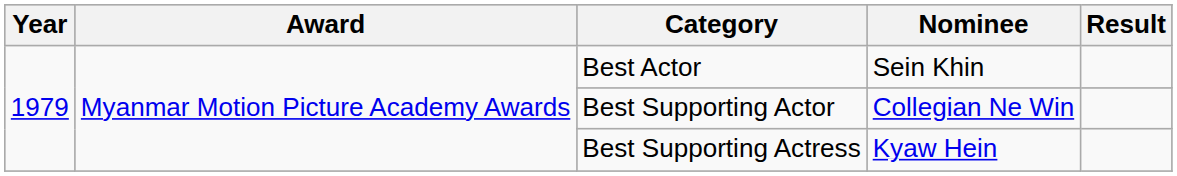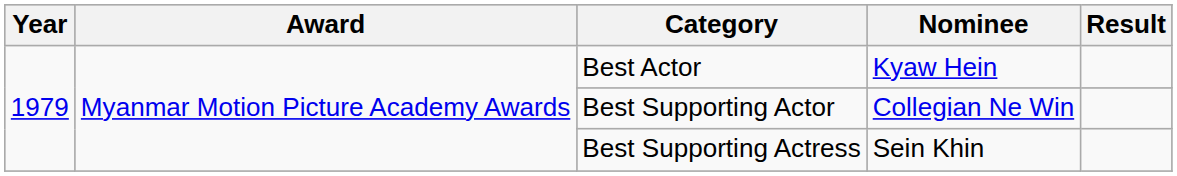 <table class="wikitable">
 <tr>
 <th>Year</th>
 <th>Award</th>
 <th>Category</th>
 <th>Nominee</th>
 <th>Result</th>
 </tr>
 <tr>
 <td scope="row" rowspan="3"><a href='#'>1979</a></td>
 <td scope="row" rowspan="3"><a href='#'>Myanmar Motion Picture Academy Awards</a></td>
 <td>Best Actor</td>
-<td>Sein Khin</td>
+<td><a href='#'>Kyaw Hein</a></td>
 <td></td>
 </tr>
 <tr>
 <td>Best Supporting Actor</td>
 <td><a href='#'>Collegian Ne Win</a></td>
 <td></td>
 </tr>
 <tr>
 <td>Best Supporting Actress</td>
-<td><a href='#'>Kyaw Hein</a></td>
+<td>Sein Khin</td>
 <td></td>
 </tr>
 </table>
